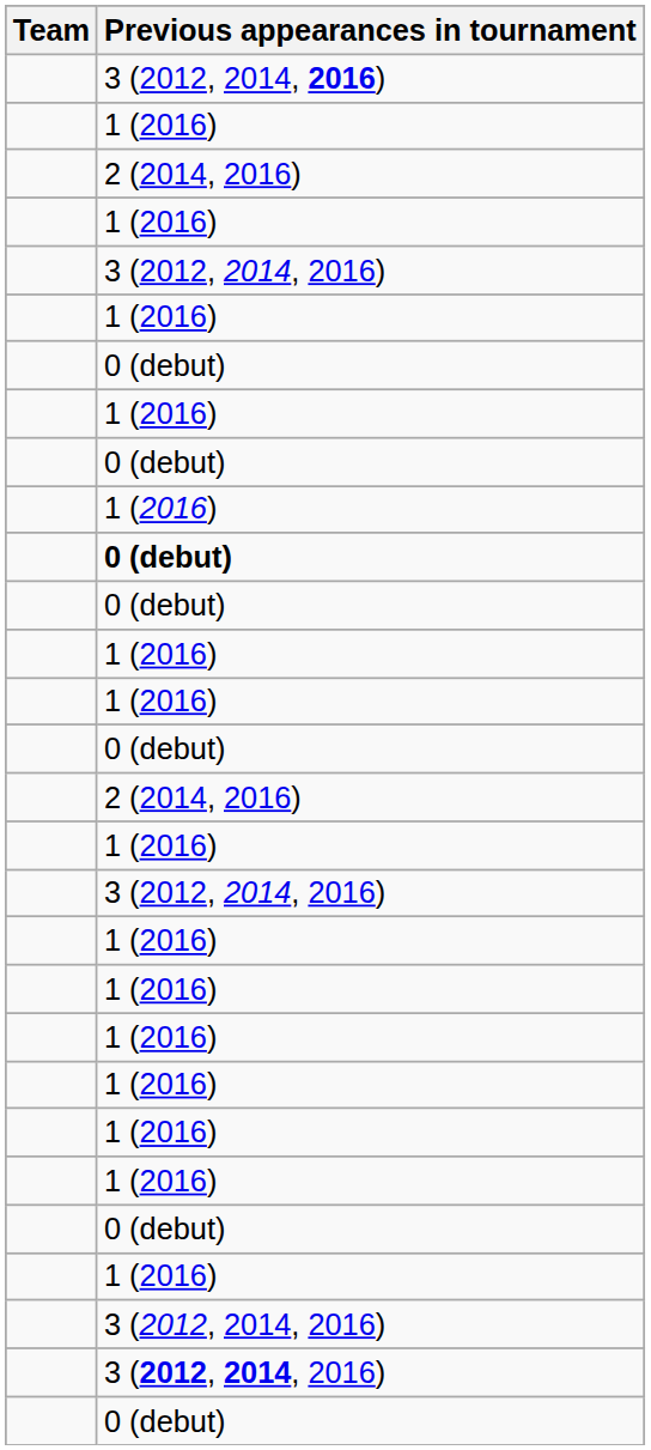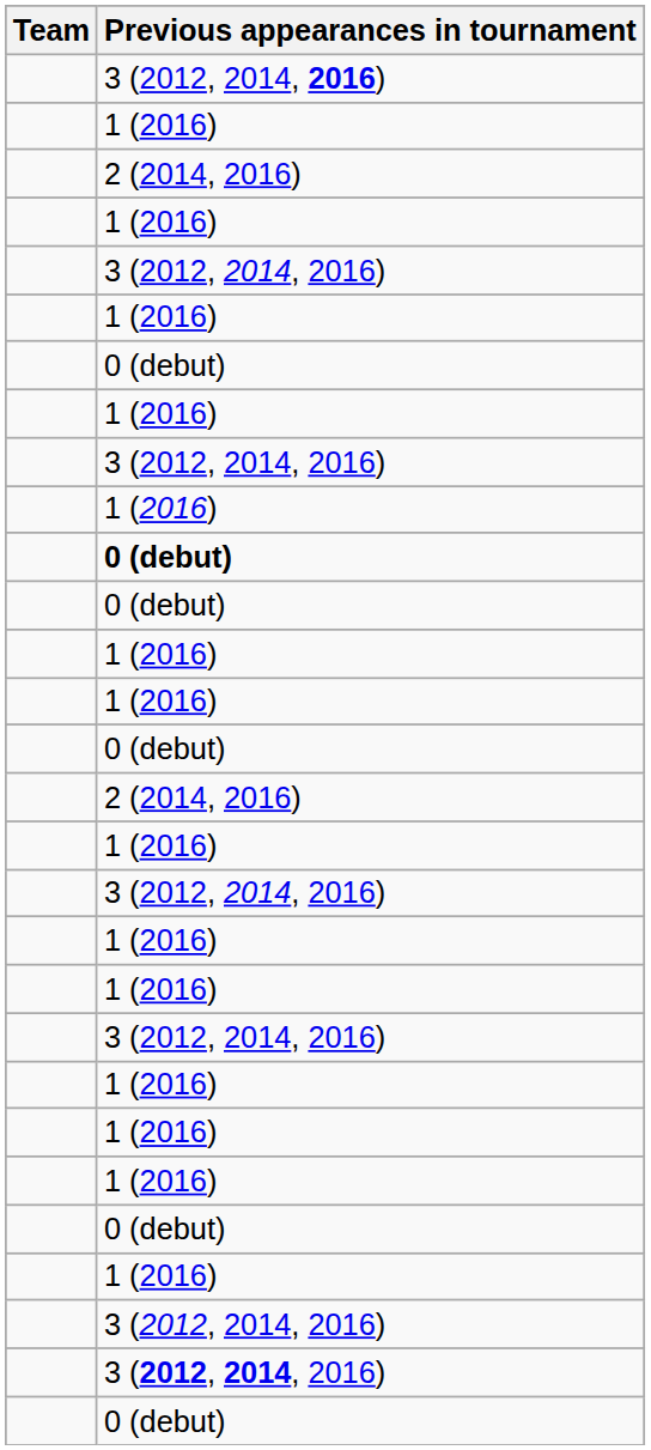 <table class="wikitable" style="font-size: 90%;">
 <tr>
 <th>Team</th>
 <th>Previous appearances in tournament</th>
 </tr>
 <tr>
 <td></td>
 <td>3 (<a href='#'>2012</a>, <a href='#'>2014</a>, <strong><a href='#'>2016</a></strong>)</td>
 </tr>
 <tr>
 <td></td>
 <td>1 (<a href='#'>2016</a>)</td>
 </tr>
 <tr>
 <td></td>
 <td>2 (<a href='#'>2014</a>, <a href='#'>2016</a>)</td>
 </tr>
 <tr>
 <td></td>
 <td>1 (<a href='#'>2016</a>)</td>
 </tr>
 <tr>
 <td></td>
 <td>3 (<a href='#'>2012</a>, <em><a href='#'>2014</a></em>, <a href='#'>2016</a>)</td>
 </tr>
 <tr>
 <td></td>
 <td>1 (<a href='#'>2016</a>)</td>
 </tr>
 <tr>
 <td></td>
 <td>0 (debut)</td>
 </tr>
 <tr>
 <td></td>
 <td>1 (<a href='#'>2016</a>)</td>
 </tr>
 <tr>
 <td></td>
-<td>0 (debut)</td>
+<td>3 (<a href='#'>2012</a>, <a href='#'>2014</a>, <a href='#'>2016</a>)</td>
 </tr>
 <tr>
 <td></td>
 <td>1 (<em><a href='#'>2016</a></em>)</td>
 </tr>
 <tr>
 <td></td>
 <td><strong>0 (debut)</strong></td>
 </tr>
 <tr>
 <td></td>
 <td>0 (debut)</td>
 </tr>
 <tr>
 <td></td>
 <td>1 (<a href='#'>2016</a>)</td>
 </tr>
 <tr>
 <td></td>
 <td>1 (<a href='#'>2016</a>)</td>
 </tr>
 <tr>
 <td></td>
 <td>0 (debut)</td>
 </tr>
 <tr>
 <td></td>
 <td>2 (<a href='#'>2014</a>, <a href='#'>2016</a>)</td>
 </tr>
 <tr>
 <td></td>
 <td>1 (<a href='#'>2016</a>)</td>
 </tr>
 <tr>
 <td></td>
 <td>3 (<a href='#'>2012</a>, <em><a href='#'>2014</a></em>, <a href='#'>2016</a>)</td>
 </tr>
 <tr>
 <td></td>
 <td>1 (<a href='#'>2016</a>)</td>
 </tr>
 <tr>
 <td></td>
 <td>1 (<a href='#'>2016</a>)</td>
 </tr>
 <tr>
 <td></td>
-<td>1 (<a href='#'>2016</a>)</td>
+<td>3 (<a href='#'>2012</a>, <a href='#'>2014</a>, <a href='#'>2016</a>)</td>
 </tr>
 <tr>
 <td></td>
 <td>1 (<a href='#'>2016</a>)</td>
 </tr>
 <tr>
 <td></td>
 <td>1 (<a href='#'>2016</a>)</td>
 </tr>
 <tr>
 <td></td>
 <td>1 (<a href='#'>2016</a>)</td>
 </tr>
 <tr>
 <td></td>
 <td>0 (debut)</td>
 </tr>
 <tr>
 <td></td>
 <td>1 (<a href='#'>2016</a>)</td>
 </tr>
 <tr>
 <td></td>
 <td>3 (<em><a href='#'>2012</a></em>, <a href='#'>2014</a>, <a href='#'>2016</a>)</td>
 </tr>
 <tr>
 <td></td>
 <td>3 (<strong><a href='#'>2012</a></strong>, <strong><a href='#'>2014</a></strong>, <a href='#'>2016</a>)</td>
 </tr>
 <tr>
 <td></td>
 <td>0 (debut)</td>
 </tr>
 </table>
